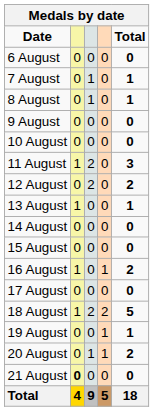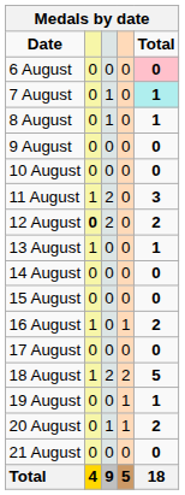 <table class="wikitable" style="text-align:center;font-size:90%">
 <tr style="background:#efefef;">
 <th colspan=7>Medals by date</th>
 </tr>
 <tr>
 <td><strong>Date</strong></td>
 <td bgcolor=#f7f6a8></td>
 <td bgcolor=#dce5e5></td>
 <td bgcolor=#ffdab9></td>
 <td><strong>Total</strong></td>
 </tr>
 <tr>
 <td style="text-align:left;">6 August</td>
 <td style="background:#F7F6A8;">0</td>
 <td style="background:#DCE5E5;">0</td>
 <td style="background:#FFDAB9;">0</td>
-<td><strong>0</strong></td>
+<td style="background: pink;"><strong>0</strong></td>
 </tr>
 <tr>
 <td style="text-align:left;">7 August</td>
 <td style="background:#F7F6A8;">0</td>
 <td style="background:#DCE5E5;">1</td>
 <td style="background:#FFDAB9;">0</td>
-<td><strong>1</strong></td>
+<td style="background: paleturquoise;"><strong>1</strong></td>
 </tr>
 <tr>
 <td style="text-align:left;">8 August</td>
 <td style="background:#F7F6A8;">0</td>
 <td style="background:#DCE5E5;">1</td>
 <td style="background:#FFDAB9;">0</td>
 <td><strong>1</strong></td>
 </tr>
 <tr>
 <td style="text-align:left;">9 August</td>
 <td style="background:#F7F6A8;">0</td>
 <td style="background:#DCE5E5;">0</td>
 <td style="background:#FFDAB9;">0</td>
 <td><strong>0</strong></td>
 </tr>
 <tr>
 <td style="text-align:left;">10 August</td>
 <td style="background:#F7F6A8;">0</td>
 <td style="background:#DCE5E5;">0</td>
 <td style="background:#FFDAB9;">0</td>
 <td><strong>0</strong></td>
 </tr>
 <tr>
 <td style="text-align:left;">11 August</td>
 <td style="background:#F7F6A8;">1</td>
 <td style="background:#DCE5E5;">2</td>
 <td style="background:#FFDAB9;">0</td>
 <td><strong>3</strong></td>
 </tr>
 <tr>
 <td style="text-align:left;">12 August</td>
-<td style="background:#F7F6A8;">0</td>
+<td style="background:#F7F6A8;"><strong>0</strong></td>
 <td style="background:#DCE5E5;">2</td>
 <td style="background:#FFDAB9;">0</td>
 <td><strong>2</strong></td>
 </tr>
 <tr>
 <td style="text-align:left;">13 August</td>
 <td style="background:#F7F6A8;">1</td>
 <td style="background:#DCE5E5;">0</td>
 <td style="background:#FFDAB9;">0</td>
 <td><strong>1</strong></td>
 </tr>
 <tr>
 <td style="text-align:left;">14 August</td>
 <td style="background:#F7F6A8;">0</td>
 <td style="background:#DCE5E5;">0</td>
 <td style="background:#FFDAB9;">0</td>
 <td><strong>0</strong></td>
 </tr>
 <tr>
 <td style="text-align:left;">15 August</td>
 <td style="background:#F7F6A8;">0</td>
 <td style="background:#DCE5E5;">0</td>
 <td style="background:#FFDAB9;">0</td>
 <td><strong>0</strong></td>
 </tr>
 <tr>
 <td style="text-align:left;">16 August</td>
 <td style="background:#F7F6A8;">1</td>
 <td style="background:#DCE5E5;">0</td>
 <td style="background:#FFDAB9;">1</td>
 <td><strong>2</strong></td>
 </tr>
 <tr>
 <td style="text-align:left;">17 August</td>
 <td style="background:#F7F6A8;">0</td>
 <td style="background:#DCE5E5;">0</td>
 <td style="background:#FFDAB9;">0</td>
 <td><strong>0</strong></td>
 </tr>
 <tr>
 <td style="text-align:left;">18 August</td>
 <td style="background:#F7F6A8;">1</td>
 <td style="background:#DCE5E5;">2</td>
 <td style="background:#FFDAB9;">2</td>
 <td><strong>5</strong></td>
 </tr>
 <tr>
 <td style="text-align:left;">19 August</td>
 <td style="background:#F7F6A8;">0</td>
 <td style="background:#DCE5E5;">0</td>
 <td style="background:#FFDAB9;">1</td>
 <td><strong>1</strong></td>
 </tr>
 <tr>
 <td style="text-align:left;">20 August</td>
 <td style="background:#F7F6A8;">0</td>
 <td style="background:#DCE5E5;">1</td>
 <td style="background:#FFDAB9;">1</td>
 <td><strong>2</strong></td>
 </tr>
 <tr>
 <td style="text-align:left;">21 August</td>
-<td style="background:#F7F6A8;"><strong>0</strong></td>
+<td style="background:#F7F6A8;">0</td>
 <td style="background:#DCE5E5;">0</td>
 <td style="background:#FFDAB9;">0</td>
 <td><strong>0</strong></td>
 </tr>
 <tr>
 <th style="text-align:left;">Total</th>
 <th style="background:gold;">4</th>
 <th style="background:silver;">9</th>
 <th style="background:#c96;">5</th>
 <th>18</th>
 </tr>
 </table>
